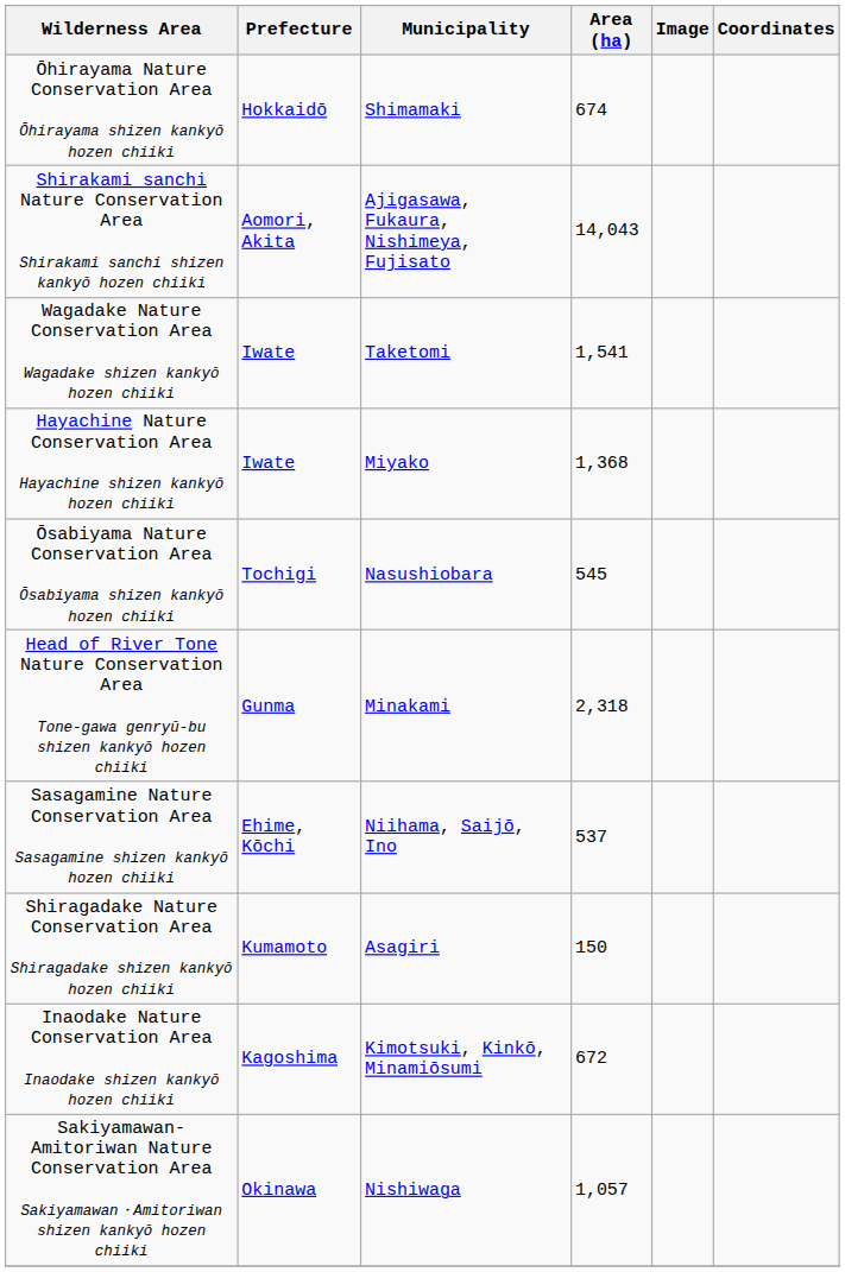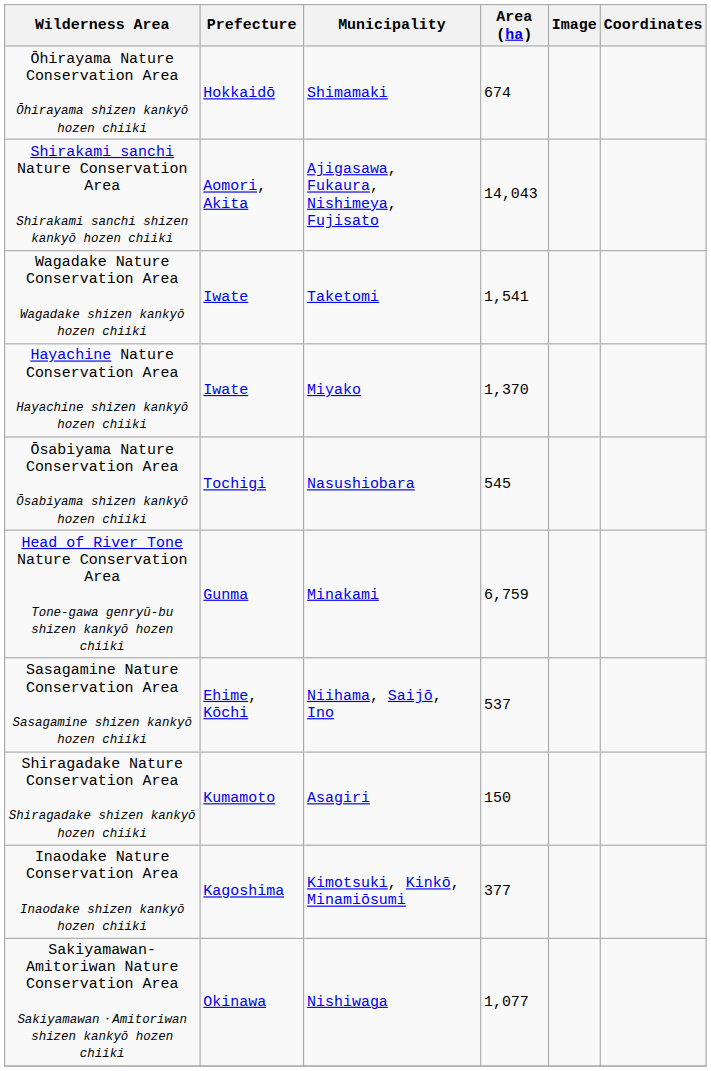 <table class="wikitable sortable">
 <tr>
 <th>Wilderness Area</th>
 <th>Prefecture</th>
 <th>Municipality</th>
 <th>Area (<a href='#'>ha</a>)</th>
 <th class="unsortable">Image</th>
 <th class="unsortable">Coordinates</th>
 </tr>
 <tr>
 <td align="center">Ōhirayama Nature Conservation Area<br><br><small><em>Ōhirayama shizen kankyō hozen chiiki</em></small></td>
 <td><a href='#'>Hokkaidō</a></td>
 <td><a href='#'>Shimamaki</a></td>
 <td>674</td>
 <td></td>
 <td></td>
 </tr>
 <tr>
 <td align="center"><a href='#'>Shirakami sanchi</a> Nature Conservation Area<br><br><small><em>Shirakami sanchi shizen kankyō hozen chiiki</em></small></td>
 <td><a href='#'>Aomori</a>, <a href='#'>Akita</a></td>
 <td><a href='#'>Ajigasawa</a>, <a href='#'>Fukaura</a>, <a href='#'>Nishimeya</a>, <a href='#'>Fujisato</a></td>
 <td>14,043</td>
 <td></td>
 <td></td>
 </tr>
 <tr>
 <td align="center">Wagadake Nature Conservation Area<br><br><small><em>Wagadake shizen kankyō hozen chiiki</em></small></td>
 <td><a href='#'>Iwate</a></td>
 <td><a href='#'>Taketomi</a></td>
 <td>1,541</td>
 <td></td>
 <td></td>
 </tr>
 <tr>
 <td align="center"><a href='#'>Hayachine</a> Nature Conservation Area<br><br><small><em>Hayachine shizen kankyō hozen chiiki</em></small></td>
 <td><a href='#'>Iwate</a></td>
 <td><a href='#'>Miyako</a></td>
-<td>1,368</td>
+<td>1,370</td>
 <td></td>
 <td></td>
 </tr>
 <tr>
 <td align="center">Ōsabiyama Nature Conservation Area<br><br><small><em>Ōsabiyama shizen kankyō hozen chiiki</em></small></td>
 <td><a href='#'>Tochigi</a></td>
 <td><a href='#'>Nasushiobara</a></td>
 <td>545</td>
 <td></td>
 <td></td>
 </tr>
 <tr>
 <td align="center"><a href='#'>Head of River Tone</a> Nature Conservation Area<br><br><small><em>Tone-gawa genryū-bu shizen kankyō hozen chiiki</em></small></td>
 <td><a href='#'>Gunma</a></td>
 <td><a href='#'>Minakami</a></td>
-<td>2,318</td>
+<td>6,759</td>
 <td></td>
 <td></td>
 </tr>
 <tr>
 <td align="center">Sasagamine Nature Conservation Area<br><br><small><em>Sasagamine shizen kankyō hozen chiiki</em></small></td>
 <td><a href='#'>Ehime</a>, <a href='#'>Kōchi</a></td>
 <td><a href='#'>Niihama</a>, <a href='#'>Saijō</a>, <a href='#'>Ino</a></td>
 <td>537</td>
 <td></td>
 <td></td>
 </tr>
 <tr>
 <td align="center">Shiragadake Nature Conservation Area<br><br><small><em>Shiragadake shizen kankyō hozen chiiki</em></small></td>
 <td><a href='#'>Kumamoto</a></td>
 <td><a href='#'>Asagiri</a></td>
 <td>150</td>
 <td></td>
 <td></td>
 </tr>
 <tr>
 <td align="center">Inaodake Nature Conservation Area<br><br><small><em>Inaodake shizen kankyō hozen chiiki</em></small></td>
 <td><a href='#'>Kagoshima</a></td>
 <td><a href='#'>Kimotsuki</a>, <a href='#'>Kinkō</a>, <a href='#'>Minamiōsumi</a></td>
-<td>672</td>
+<td>377</td>
 <td></td>
 <td></td>
 </tr>
 <tr>
 <td align="center">Sakiyamawan-Amitoriwan Nature Conservation Area<br><br><small><em>Sakiyamawan・Amitoriwan shizen kankyō hozen chiiki</em></small></td>
 <td><a href='#'>Okinawa</a></td>
 <td><a href='#'>Nishiwaga</a></td>
-<td>1,057</td>
+<td>1,077</td>
 <td></td>
 <td></td>
 </tr>
 <tr>
 </tr>
 </table>
